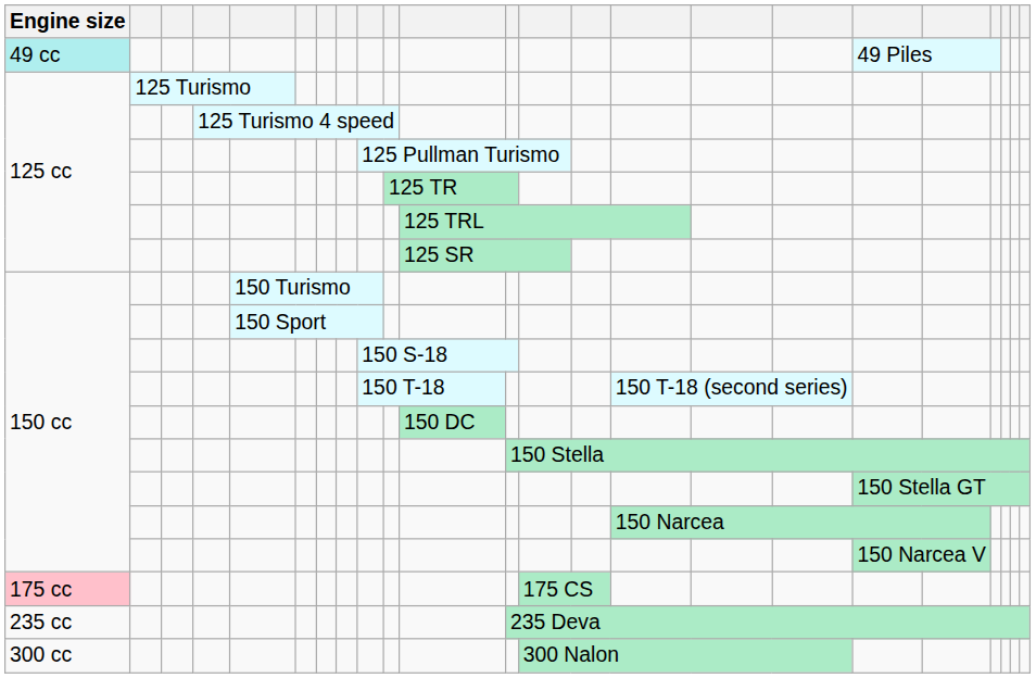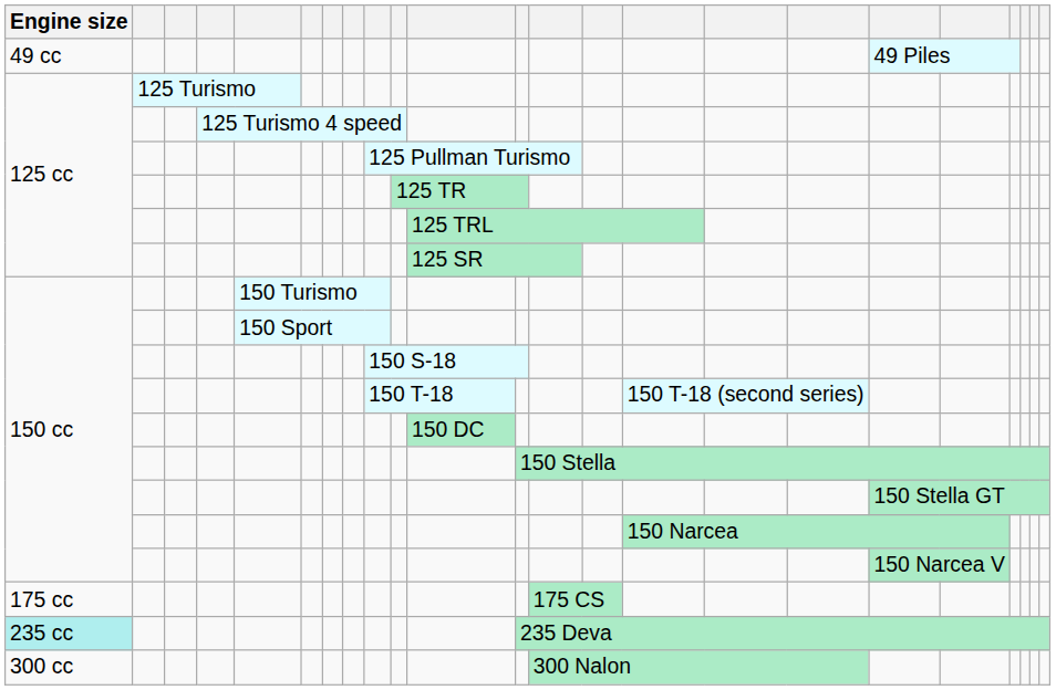 <table class="wikitable">
 <tr>
 <th>Engine size</th>
 <th></th>
 <th></th>
 <th></th>
 <th></th>
 <th></th>
 <th></th>
 <th></th>
 <th></th>
 <th></th>
 <th></th>
 <th></th>
 <th></th>
 <th></th>
 <th></th>
 <th></th>
 <th></th>
 <th></th>
 <th></th>
 <th></th>
 <th></th>
 <th></th>
 <th></th>
 </tr>
 <tr>
-<td style="background: paleturquoise;">49 cc</td>
+<td>49 cc</td>
 <td></td>
 <td></td>
 <td></td>
 <td></td>
 <td></td>
 <td></td>
 <td></td>
 <td></td>
 <td></td>
 <td></td>
 <td></td>
 <td></td>
 <td></td>
 <td></td>
 <td></td>
 <td></td>
 <td colspan=3 style="background: #DDFBFF;">49 Piles</td>
 <td></td>
 <td></td>
 <td></td>
 </tr>
 <tr>
 <td rowspan=6>125 cc</td>
 <td colspan=4 style="background: #DDFBFF;">125 Turismo</td>
 <td></td>
 <td></td>
 <td></td>
 <td></td>
 <td></td>
 <td></td>
 <td></td>
 <td></td>
 <td></td>
 <td></td>
 <td></td>
 <td></td>
 <td></td>
 <td></td>
 <td></td>
 <td></td>
 <td></td>
 <td></td>
 </tr>
 <tr>
 <td></td>
 <td></td>
 <td colspan=7 style="background: #DDFBFF;">125 Turismo 4 speed</td>
 <td></td>
 <td></td>
 <td></td>
 <td></td>
 <td></td>
 <td></td>
 <td></td>
 <td></td>
 <td></td>
 <td></td>
 <td></td>
 <td></td>
 <td></td>
 </tr>
 <tr>
 <td></td>
 <td></td>
 <td></td>
 <td></td>
 <td></td>
 <td></td>
 <td></td>
 <td colspan=5 style="background: #DDFBFF;">125 Pullman Turismo</td>
 <td></td>
 <td></td>
 <td></td>
 <td></td>
 <td></td>
 <td></td>
 <td></td>
 <td></td>
 <td></td>
 <td></td>
 </tr>
 <tr>
 <td></td>
 <td></td>
 <td></td>
 <td></td>
 <td></td>
 <td></td>
 <td></td>
 <td></td>
 <td colspan=3 style="background: #ABEBC6;">125 TR</td>
 <td></td>
 <td></td>
 <td></td>
 <td></td>
 <td></td>
 <td></td>
 <td></td>
 <td></td>
 <td></td>
 <td></td>
 <td></td>
 </tr>
 <tr>
 <td></td>
 <td></td>
 <td></td>
 <td></td>
 <td></td>
 <td></td>
 <td></td>
 <td></td>
 <td></td>
 <td colspan=5 style="background: #ABEBC6;">125 TRL</td>
 <td></td>
 <td></td>
 <td></td>
 <td></td>
 <td></td>
 <td></td>
 <td></td>
 <td></td>
 </tr>
 <tr>
 <td></td>
 <td></td>
 <td></td>
 <td></td>
 <td></td>
 <td></td>
 <td></td>
 <td></td>
 <td></td>
 <td colspan=3 style="background: #ABEBC6;">125 SR</td>
 <td></td>
 <td></td>
 <td></td>
 <td></td>
 <td></td>
 <td></td>
 <td></td>
 <td></td>
 <td></td>
 <td></td>
 </tr>
 <tr>
 <td rowspan=9>150 cc</td>
 <td></td>
 <td></td>
 <td></td>
 <td colspan=5 style="background: #DDFBFF;">150 Turismo</td>
 <td></td>
 <td></td>
 <td></td>
 <td></td>
 <td></td>
 <td></td>
 <td></td>
 <td></td>
 <td></td>
 <td></td>
 <td></td>
 <td></td>
 <td></td>
 <td></td>
 </tr>
 <tr>
 <td></td>
 <td></td>
 <td></td>
 <td colspan=5 style="background: #DDFBFF;">150 Sport</td>
 <td></td>
 <td></td>
 <td></td>
 <td></td>
 <td></td>
 <td></td>
 <td></td>
 <td></td>
 <td></td>
 <td></td>
 <td></td>
 <td></td>
 <td></td>
 <td></td>
 </tr>
 <tr>
 <td></td>
 <td></td>
 <td></td>
 <td></td>
 <td></td>
 <td></td>
 <td></td>
 <td colspan=4 style="background: #DDFBFF;">150 S-18</td>
 <td></td>
 <td></td>
 <td></td>
 <td></td>
 <td></td>
 <td></td>
 <td></td>
 <td></td>
 <td></td>
 <td></td>
 <td></td>
 </tr>
 <tr>
 <td></td>
 <td></td>
 <td></td>
 <td></td>
 <td></td>
 <td></td>
 <td></td>
 <td colspan=3 style="background: #DDFBFF;">150 T-18</td>
 <td></td>
 <td></td>
 <td></td>
 <td colspan=3 style="background: #DDFBFF;">150 T-18 (second series)</td>
 <td></td>
 <td></td>
 <td></td>
 <td></td>
 <td></td>
 <td></td>
 </tr>
 <tr>
 <td></td>
 <td></td>
 <td></td>
 <td></td>
 <td></td>
 <td></td>
 <td></td>
 <td></td>
 <td></td>
 <td style="background: #ABEBC6;">150 DC</td>
 <td></td>
 <td></td>
 <td></td>
 <td></td>
 <td></td>
 <td></td>
 <td></td>
 <td></td>
 <td></td>
 <td></td>
 <td></td>
 <td></td>
 </tr>
 <tr>
 <td></td>
 <td></td>
 <td></td>
 <td></td>
 <td></td>
 <td></td>
 <td></td>
 <td></td>
 <td></td>
 <td></td>
 <td colspan=12 style="background: #ABEBC6;">150 Stella</td>
 </tr>
 <tr>
 <td></td>
 <td></td>
 <td></td>
 <td></td>
 <td></td>
 <td></td>
 <td></td>
 <td></td>
 <td></td>
 <td></td>
 <td></td>
 <td></td>
 <td></td>
 <td></td>
 <td></td>
 <td></td>
 <td colspan=6 style="background: #ABEBC6;">150 Stella GT</td>
 </tr>
 <tr>
 <td></td>
 <td></td>
 <td></td>
 <td></td>
 <td></td>
 <td></td>
 <td></td>
 <td></td>
 <td></td>
 <td></td>
 <td></td>
 <td></td>
 <td></td>
 <td colspan=5 style="background: #ABEBC6;">150 Narcea</td>
 <td></td>
 <td></td>
 <td></td>
 <td></td>
 </tr>
 <tr>
 <td></td>
 <td></td>
 <td></td>
 <td></td>
 <td></td>
 <td></td>
 <td></td>
 <td></td>
 <td></td>
 <td></td>
 <td></td>
 <td></td>
 <td></td>
 <td></td>
 <td></td>
 <td></td>
 <td colspan=2 style="background: #ABEBC6;">150 Narcea V</td>
 <td></td>
 <td></td>
 <td></td>
 <td></td>
 </tr>
 <tr>
-<td style="background: pink;">175 cc</td>
+<td>175 cc</td>
 <td></td>
 <td></td>
 <td></td>
 <td></td>
 <td></td>
 <td></td>
 <td></td>
 <td></td>
 <td></td>
 <td></td>
 <td></td>
 <td colspan=2 style="background: #ABEBC6;">175 CS</td>
 <td></td>
 <td></td>
 <td></td>
 <td></td>
 <td></td>
 <td></td>
 <td></td>
 <td></td>
 <td></td>
 </tr>
 <tr>
-<td>235 cc</td>
+<td style="background: paleturquoise;">235 cc</td>
 <td></td>
 <td></td>
 <td></td>
 <td></td>
 <td></td>
 <td></td>
 <td></td>
 <td></td>
 <td></td>
 <td></td>
 <td colspan=12 style="background: #ABEBC6;">235 Deva</td>
 </tr>
 <tr>
 <td>300 cc</td>
 <td></td>
 <td></td>
 <td></td>
 <td></td>
 <td></td>
 <td></td>
 <td></td>
 <td></td>
 <td></td>
 <td></td>
 <td></td>
 <td colspan=5 style="background: #ABEBC6;">300 Nalon</td>
 <td></td>
 <td></td>
 <td></td>
 <td></td>
 <td></td>
 <td></td>
 </tr>
 </table>
